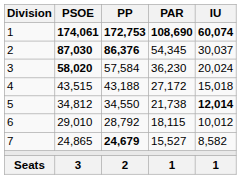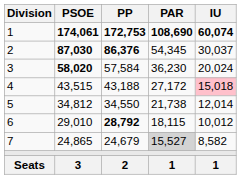 <table class="wikitable">
 <tr>
 <th>Division</th>
 <th>PSOE</th>
 <th>PP</th>
 <th>PAR</th>
 <th>IU</th>
 </tr>
 <tr>
 <td>1</td>
 <td><strong>174,061</strong></td>
 <td><strong>172,753</strong></td>
 <td><strong>108,690</strong></td>
 <td><strong>60,074</strong></td>
 </tr>
 <tr>
 <td>2</td>
 <td><strong>87,030</strong></td>
 <td><strong>86,376</strong></td>
 <td>54,345</td>
 <td>30,037</td>
 </tr>
 <tr>
 <td>3</td>
 <td><strong>58,020</strong></td>
 <td>57,584</td>
 <td>36,230</td>
 <td>20,024</td>
 </tr>
 <tr>
 <td>4</td>
 <td>43,515</td>
 <td>43,188</td>
 <td>27,172</td>
-<td>15,018</td>
+<td style="background: pink;">15,018</td>
 </tr>
 <tr>
 <td>5</td>
 <td>34,812</td>
 <td>34,550</td>
 <td>21,738</td>
-<td><strong>12,014</strong></td>
+<td>12,014</td>
 </tr>
 <tr>
 <td>6</td>
 <td>29,010</td>
-<td>28,792</td>
+<td><strong>28,792</strong></td>
 <td>18,115</td>
 <td>10,012</td>
 </tr>
 <tr>
 <td>7</td>
 <td>24,865</td>
-<td><strong>24,679</strong></td>
-<td>15,527</td>
+<td>24,679</td>
+<td style="background: lightgrey;">15,527</td>
 <td>8,582</td>
 </tr>
 <tr>
 <td colspan="5" bgcolor="#E9E9E9"></td>
 </tr>
 <tr>
 <th>Seats</th>
 <th>3</th>
 <th>2</th>
 <th>1</th>
 <th>1</th>
 </tr>
 </table>
